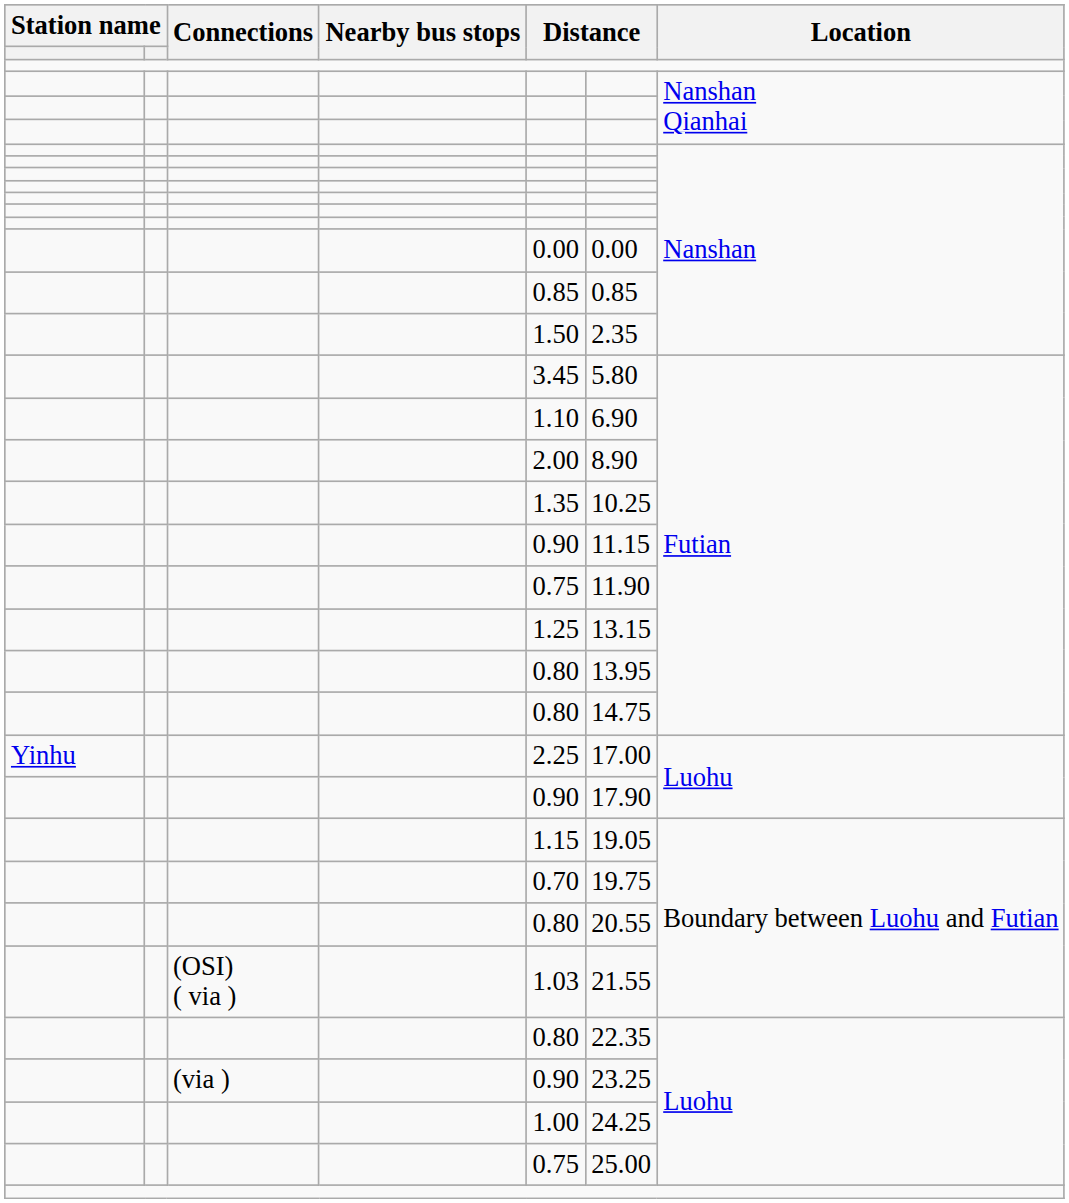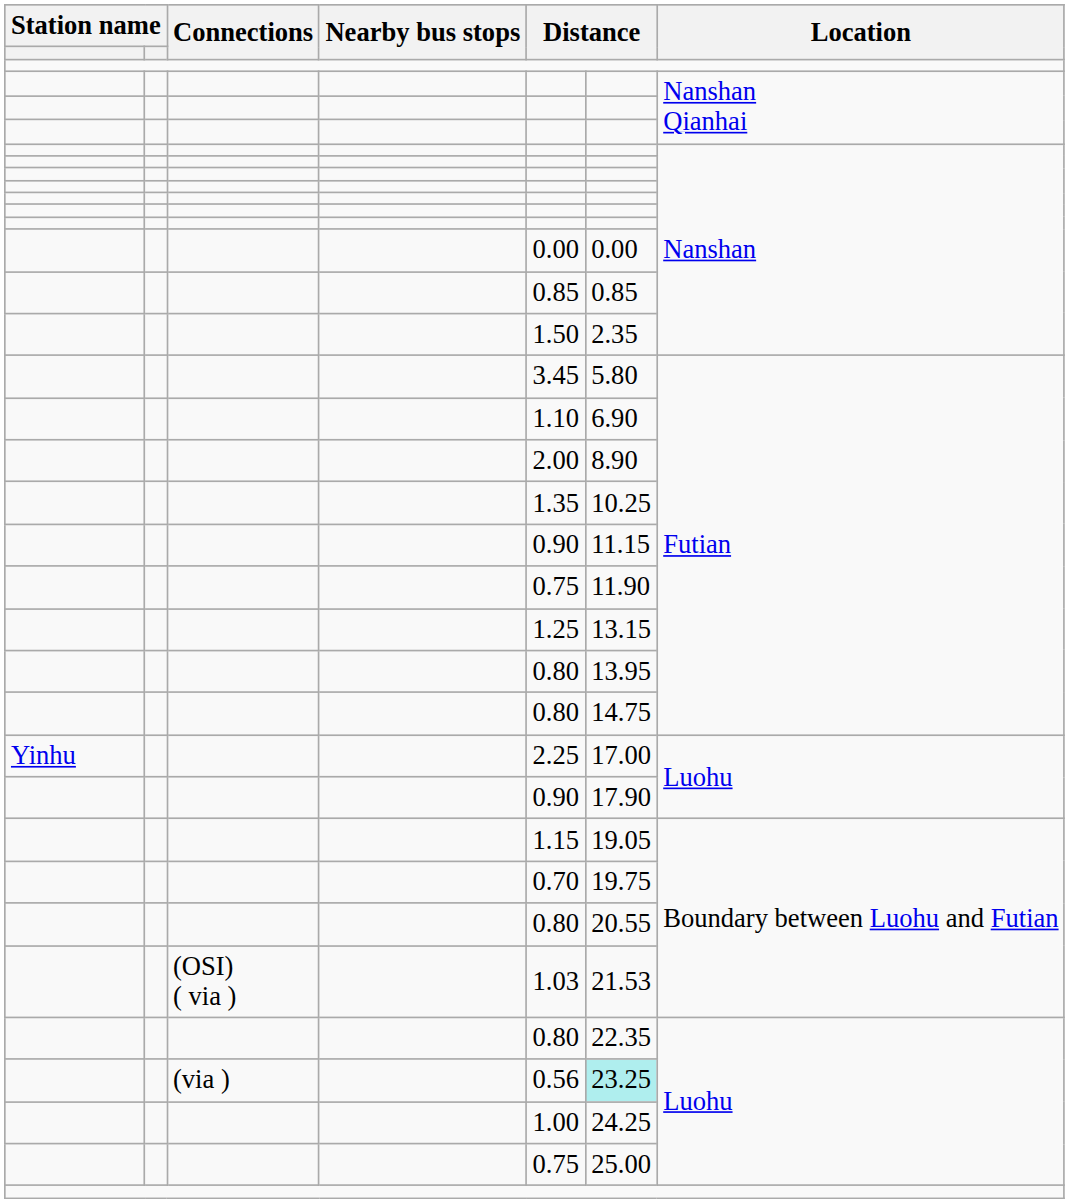 <table class="wikitable">
 <tr>
 <th colspan="2">Station name</th>
 <th rowspan="2">Connections</th>
 <th rowspan="2">Nearby bus stops</th>
 <th colspan="2" rowspan="2">Distance<br></th>
 <th rowspan="2">Location</th>
 </tr>
 <tr>
 <th></th>
 <th></th>
 </tr>
 <tr style="background:#">
 <td colspan = "7"></td>
 </tr>
 <tr>
 <td></td>
 <td></td>
 <td></td>
 <td></td>
 <td></td>
 <td></td>
 <td rowspan=3><a href='#'>Nanshan</a><br><a href='#'>Qianhai</a></td>
 </tr>
 <tr>
 <td></td>
 <td></td>
 <td></td>
 <td></td>
 <td></td>
 <td></td>
 </tr>
 <tr>
 <td></td>
 <td></td>
 <td></td>
 <td></td>
 <td></td>
 <td></td>
 </tr>
 <tr>
 <td></td>
 <td></td>
 <td></td>
 <td></td>
 <td></td>
 <td></td>
 <td rowspan=10><a href='#'>Nanshan</a></td>
 </tr>
 <tr>
 <td></td>
 <td></td>
 <td></td>
 <td></td>
 <td></td>
 <td></td>
 </tr>
 <tr>
 <td></td>
 <td></td>
 <td></td>
 <td></td>
 <td></td>
 <td></td>
 </tr>
 <tr>
 <td></td>
 <td></td>
 <td></td>
 <td></td>
 <td></td>
 <td></td>
 </tr>
 <tr>
 <td></td>
 <td></td>
 <td></td>
 <td></td>
 <td></td>
 <td></td>
 </tr>
 <tr>
 <td></td>
 <td></td>
 <td></td>
 <td></td>
 <td></td>
 <td></td>
 </tr>
 <tr>
 <td></td>
 <td></td>
 <td></td>
 <td></td>
 <td></td>
 <td></td>
 </tr>
 <tr>
 <td></td>
 <td></td>
 <td> </td>
 <td></td>
 <td>0.00</td>
 <td>0.00</td>
 </tr>
 <tr>
 <td></td>
 <td></td>
 <td></td>
 <td></td>
 <td>0.85</td>
 <td>0.85</td>
 </tr>
 <tr>
 <td></td>
 <td></td>
 <td></td>
 <td></td>
 <td>1.50</td>
 <td>2.35</td>
 </tr>
 <tr>
 <td></td>
 <td></td>
 <td></td>
 <td></td>
 <td>3.45</td>
 <td>5.80</td>
 <td rowspan=9><a href='#'>Futian</a></td>
 </tr>
 <tr>
 <td></td>
 <td></td>
 <td>  </td>
 <td></td>
 <td>1.10</td>
 <td>6.90</td>
 </tr>
 <tr>
 <td></td>
 <td></td>
 <td></td>
 <td></td>
 <td>2.00</td>
 <td>8.90</td>
 </tr>
 <tr>
 <td></td>
 <td></td>
 <td> </td>
 <td></td>
 <td>1.35</td>
 <td>10.25</td>
 </tr>
 <tr>
 <td></td>
 <td></td>
 <td></td>
 <td></td>
 <td>0.90</td>
 <td>11.15</td>
 </tr>
 <tr>
 <td></td>
 <td></td>
 <td></td>
 <td></td>
 <td>0.75</td>
 <td>11.90</td>
 </tr>
 <tr>
 <td></td>
 <td></td>
 <td></td>
 <td></td>
 <td>1.25</td>
 <td>13.15</td>
 </tr>
 <tr>
 <td></td>
 <td></td>
 <td></td>
 <td></td>
 <td>0.80</td>
 <td>13.95</td>
 </tr>
 <tr>
 <td></td>
 <td></td>
 <td></td>
 <td></td>
 <td>0.80</td>
 <td>14.75</td>
 </tr>
 <tr>
 <td><a href='#'>Yinhu</a></td>
 <td></td>
 <td></td>
 <td></td>
 <td>2.25</td>
 <td>17.00</td>
 <td rowspan=2><a href='#'>Luohu</a></td>
 </tr>
 <tr>
 <td></td>
 <td></td>
 <td></td>
 <td></td>
 <td>0.90</td>
 <td>17.90</td>
 </tr>
 <tr>
 <td></td>
 <td></td>
 <td></td>
 <td></td>
 <td>1.15</td>
 <td>19.05</td>
 <td rowspan=4>Boundary between <a href='#'>Luohu</a> and <a href='#'>Futian</a></td>
 </tr>
 <tr>
 <td></td>
 <td></td>
 <td></td>
 <td></td>
 <td>0.70</td>
 <td>19.75</td>
 </tr>
 <tr>
 <td></td>
 <td></td>
 <td></td>
 <td></td>
 <td>0.80</td>
 <td>20.55</td>
 </tr>
 <tr>
 <td></td>
 <td></td>
 <td> (OSI)<br>(    via )</td>
 <td></td>
 <td>1.03</td>
-<td>21.55</td>
+<td>21.53</td>
 </tr>
 <tr>
 <td></td>
 <td></td>
 <td></td>
 <td></td>
 <td>0.80</td>
 <td>22.35</td>
 <td rowspan=4><a href='#'>Luohu</a></td>
 </tr>
 <tr>
 <td></td>
 <td></td>
 <td> (via )</td>
 <td></td>
-<td>0.90</td>
-<td>23.25</td>
+<td>0.56</td>
+<td style="background: paleturquoise;">23.25</td>
 </tr>
 <tr>
 <td></td>
 <td></td>
 <td></td>
 <td></td>
 <td>1.00</td>
 <td>24.25</td>
 </tr>
 <tr>
 <td></td>
 <td></td>
 <td></td>
 <td></td>
 <td>0.75</td>
 <td>25.00</td>
 </tr>
 <tr style="background:#">
 <td colspan = "7"></td>
 </tr>
 </table>
